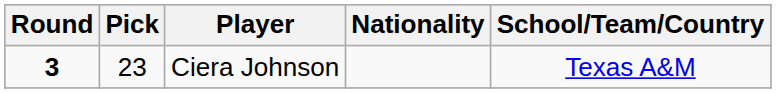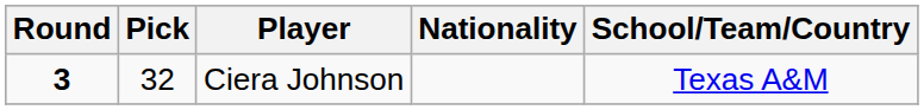 <table class="wikitable" style="text-align: center;">
 <tr>
 <th>Round</th>
 <th>Pick</th>
 <th>Player</th>
 <th>Nationality</th>
 <th>School/Team/Country</th>
 </tr>
 <tr>
 <td><strong>3</strong></td>
-<td>23</td>
+<td>32</td>
 <td>Ciera Johnson</td>
 <td></td>
 <td><a href='#'>Texas A&M</a></td>
 </tr>
 </table>
